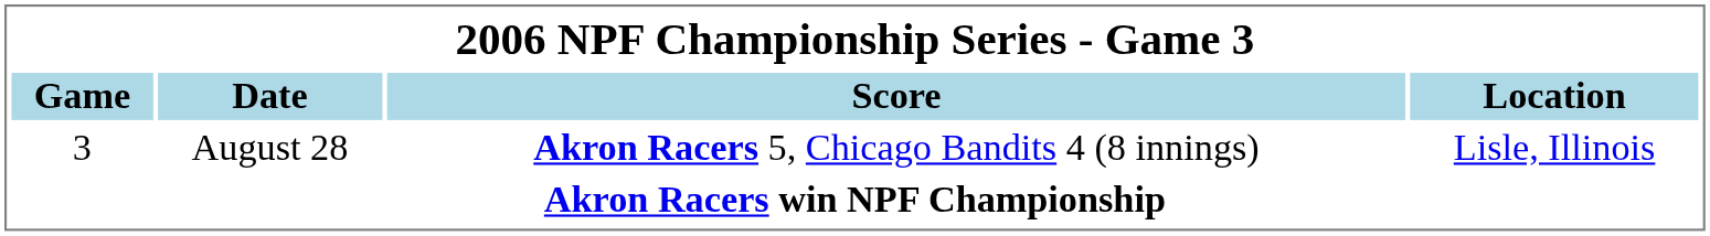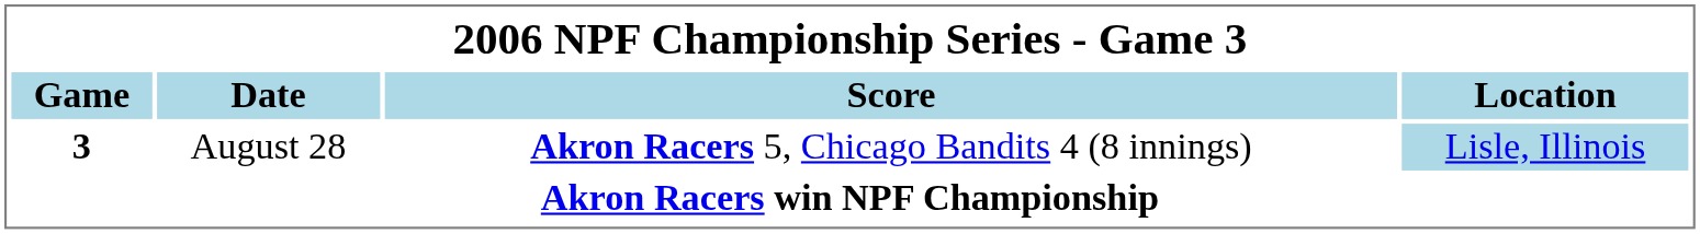 <table cellpadding="1"  style="min-width:45em;text-align:center;font-size:100%; border:1px solid gray;">
 <tr style="font-size:larger;">
 <th colspan=8>2006 NPF Championship Series - Game 3</th>
 </tr>
 <tr style="background:lightblue;">
 <th>Game</th>
 <th>Date</th>
 <th>Score</th>
 <th>Location</th>
 </tr>
 <tr>
-<td>3</td>
+<td><strong>3</strong></td>
 <td>August 28</td>
 <td><strong><a href='#'>Akron Racers</a></strong> 5, <a href='#'>Chicago Bandits</a> 4 (8 innings)</td>
-<td><a href='#'>Lisle, Illinois</a></td>
+<td style="background: lightblue;"><a href='#'>Lisle, Illinois</a></td>
 </tr>
 <tr>
 <th colspan=8><a href='#'>Akron Racers</a> win NPF Championship</th>
 </tr>
 </table>
